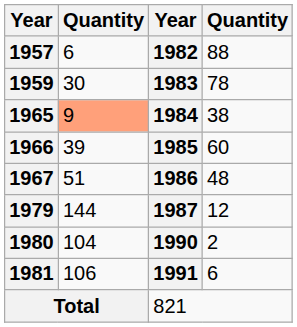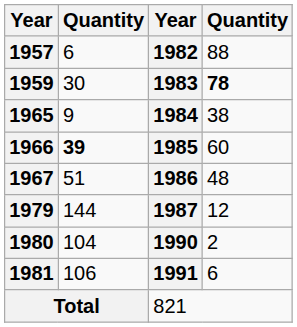 <table class="wikitable">
 <tr>
 <th>Year</th>
 <th>Quantity</th>
 <th>Year</th>
 <th>Quantity</th>
 </tr>
 <tr>
 <th>1957</th>
 <td>6</td>
 <th>1982</th>
 <td>88</td>
 </tr>
 <tr>
 <th>1959</th>
 <td>30</td>
 <th>1983</th>
-<td>78</td>
+<td><strong>78</strong></td>
 </tr>
 <tr>
 <th>1965</th>
-<td style="background: lightsalmon;">9</td>
+<td>9</td>
 <th>1984</th>
 <td>38</td>
 </tr>
 <tr>
 <th>1966</th>
-<td>39</td>
+<td><strong>39</strong></td>
 <th>1985</th>
 <td>60</td>
 </tr>
 <tr>
 <th>1967</th>
 <td>51</td>
 <th>1986</th>
 <td>48</td>
 </tr>
 <tr>
 <th>1979</th>
 <td>144</td>
 <th>1987</th>
 <td>12</td>
 </tr>
 <tr>
 <th>1980</th>
 <td>104</td>
 <th>1990</th>
 <td>2</td>
 </tr>
 <tr>
 <th>1981</th>
 <td>106</td>
 <th>1991</th>
 <td>6</td>
 </tr>
 <tr>
 <th colspan="2">Total</th>
 <td colspan="2">821</td>
 </tr>
 </table>
